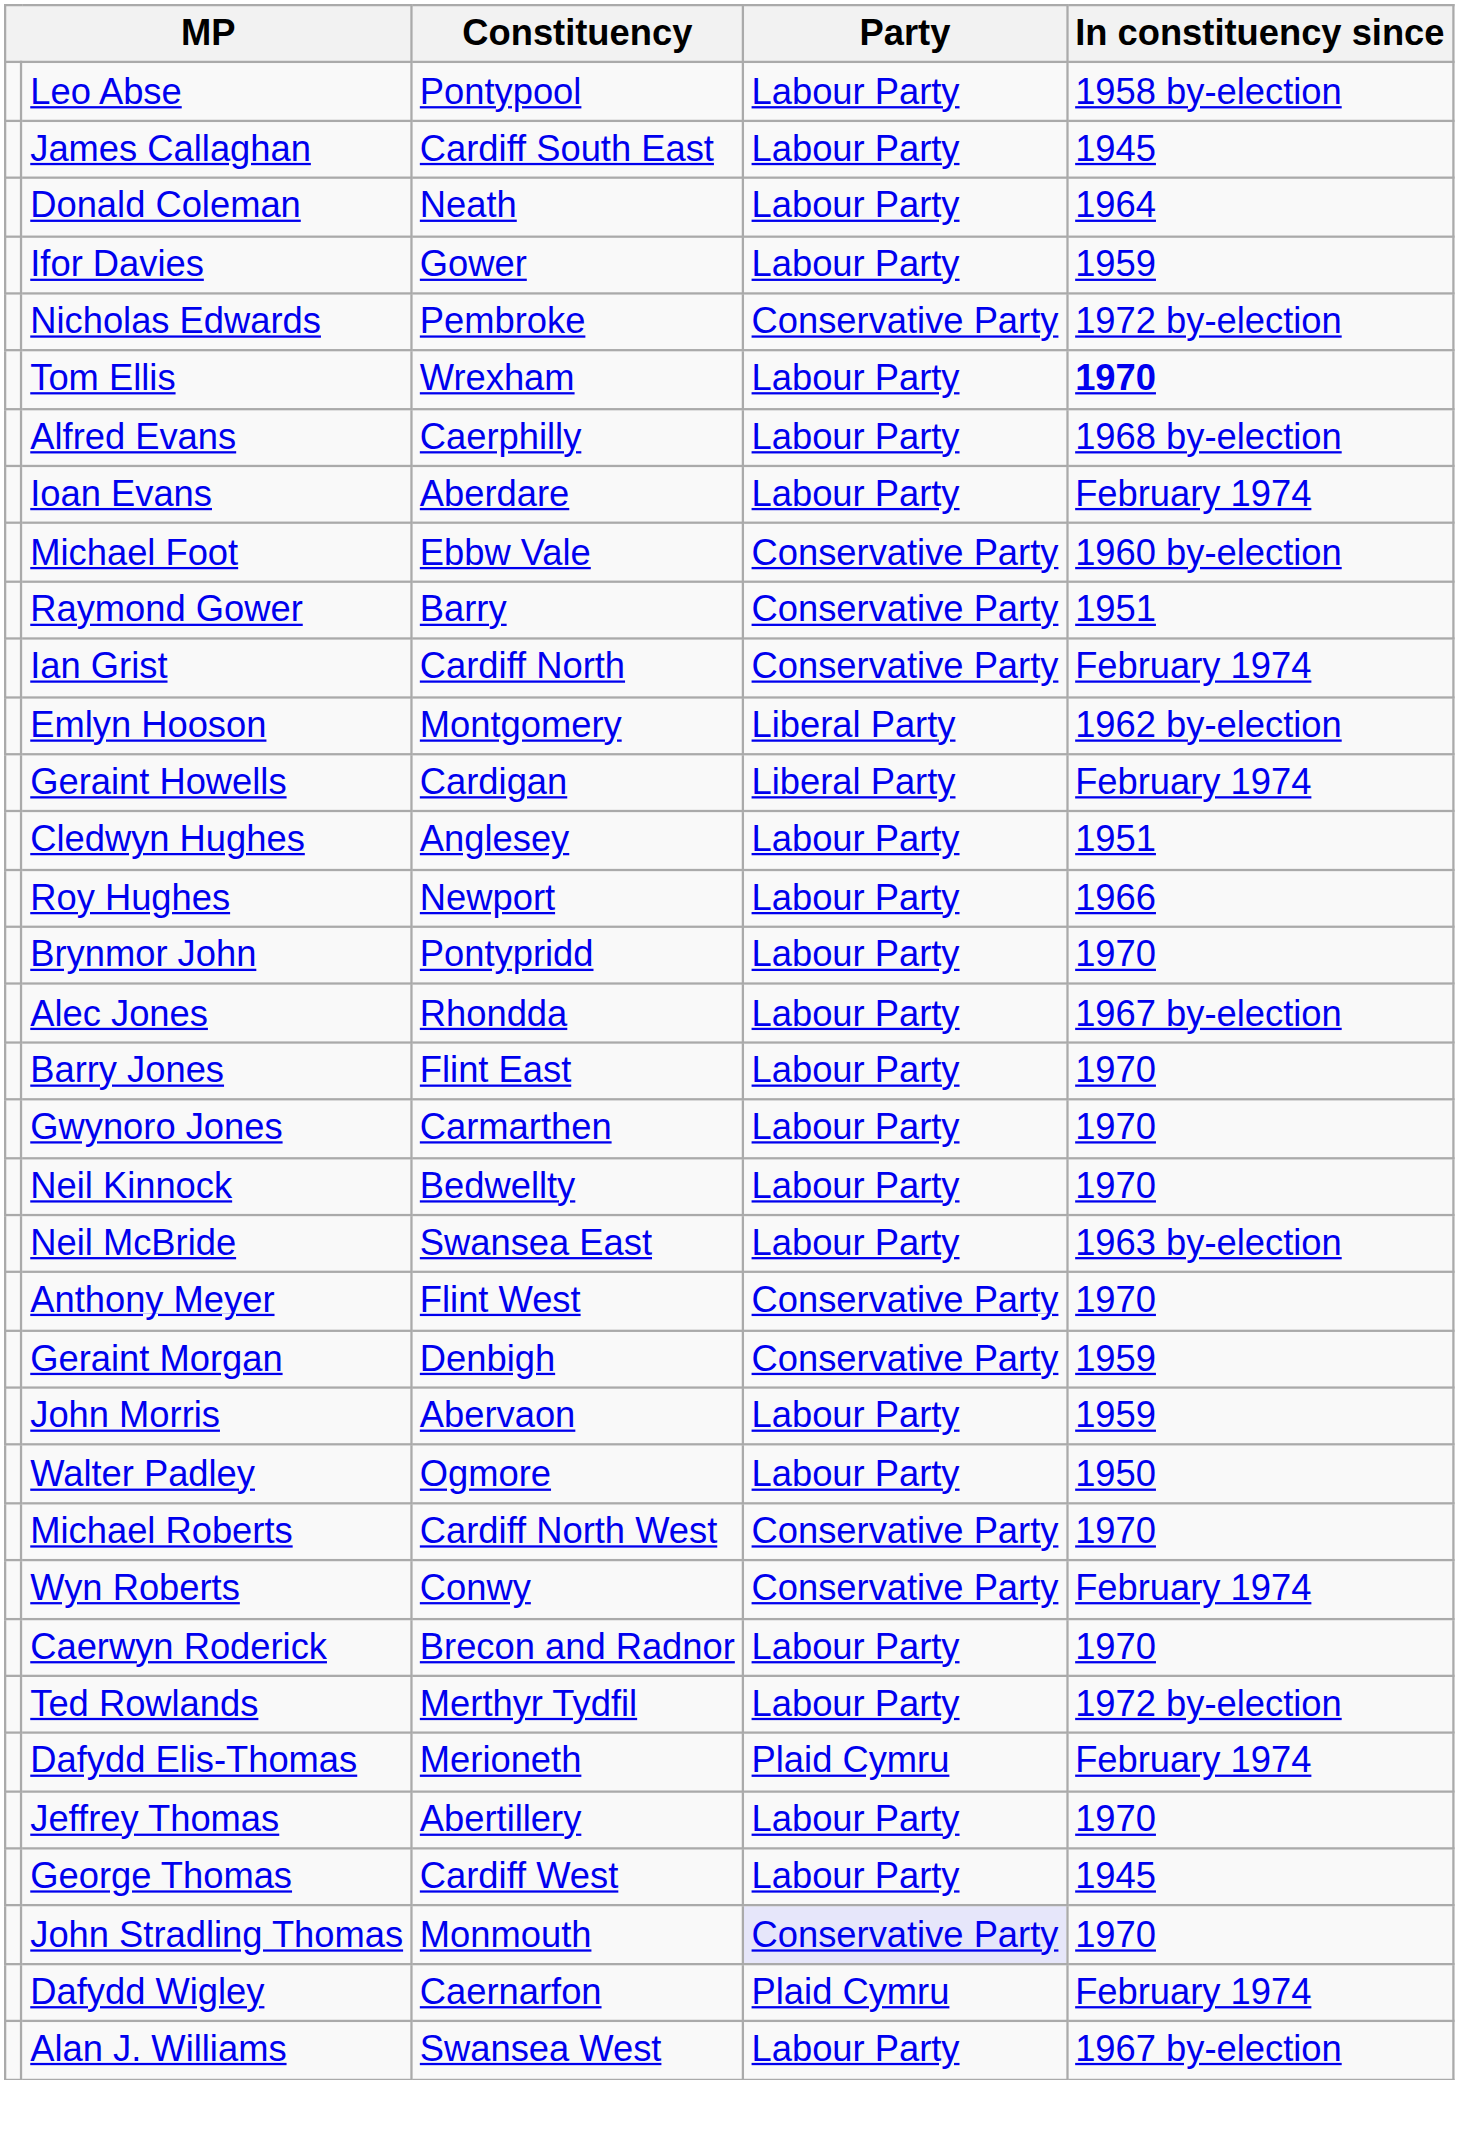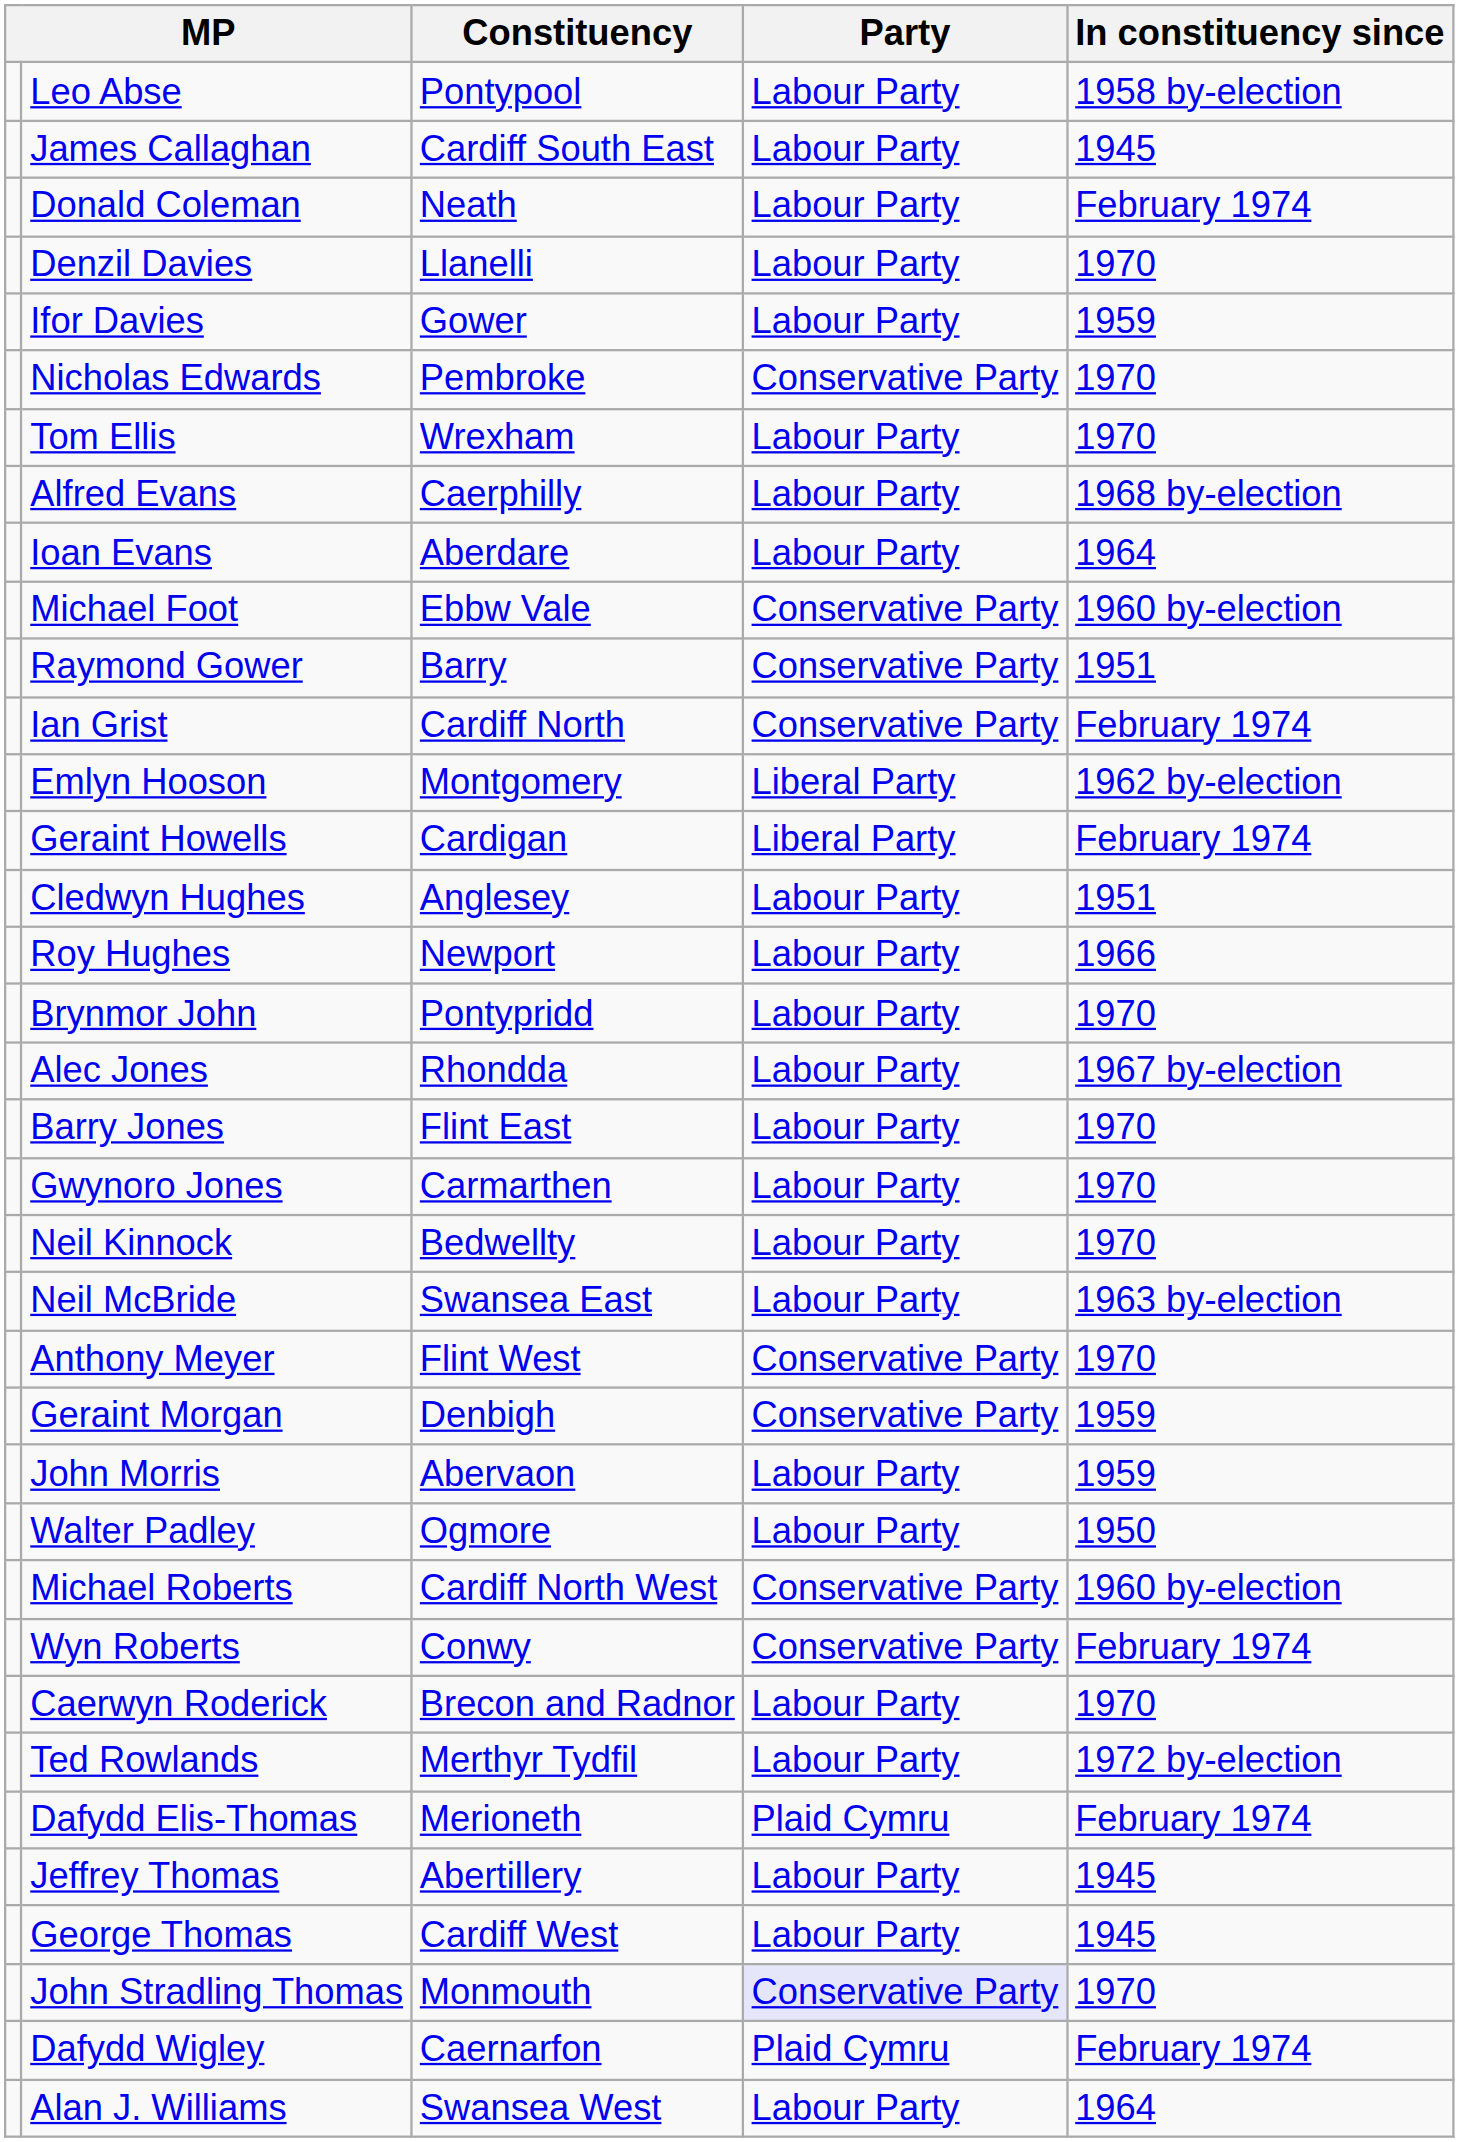 <table class="wikitable sortable">
 <tr>
 <th colspan="2">MP</th>
 <th>Constituency</th>
 <th>Party</th>
 <th>In constituency since</th>
 </tr>
 <tr>
 <td style="color:inherit;background-color: "></td>
 <td><a href='#'>Leo Abse</a></td>
 <td><a href='#'>Pontypool</a></td>
 <td><a href='#'>Labour Party</a></td>
 <td><a href='#'>1958 by-election</a></td>
 </tr>
 <tr>
 <td style="color:inherit;background-color: "></td>
 <td><a href='#'>James Callaghan</a></td>
 <td><a href='#'>Cardiff South East</a></td>
 <td><a href='#'>Labour Party</a></td>
 <td><a href='#'>1945</a></td>
 </tr>
 <tr>
 <td style="color:inherit;background-color: "></td>
 <td><a href='#'>Donald Coleman</a></td>
 <td><a href='#'>Neath</a></td>
 <td><a href='#'>Labour Party</a></td>
-<td><a href='#'>1964</a></td>
+<td><a href='#'>February 1974</a></td>
+</tr>
+<tr>
+<td style="color:inherit;background-color: "></td>
+<td><a href='#'>Denzil Davies</a></td>
+<td><a href='#'>Llanelli</a></td>
+<td><a href='#'>Labour Party</a></td>
+<td><a href='#'>1970</a></td>
 </tr>
 <tr>
 <td style="color:inherit;background-color: "></td>
 <td><a href='#'>Ifor Davies</a></td>
 <td><a href='#'>Gower</a></td>
 <td><a href='#'>Labour Party</a></td>
 <td><a href='#'>1959</a></td>
 </tr>
 <tr>
 <td style="color:inherit;background-color: "></td>
 <td><a href='#'>Nicholas Edwards</a></td>
 <td><a href='#'>Pembroke</a></td>
 <td><a href='#'>Conservative Party</a></td>
-<td><a href='#'>1972 by-election</a></td>
+<td><a href='#'>1970</a></td>
 </tr>
 <tr>
 <td style="color:inherit;background-color: "></td>
 <td><a href='#'>Tom Ellis</a></td>
 <td><a href='#'>Wrexham</a></td>
 <td><a href='#'>Labour Party</a></td>
-<td><strong><a href='#'>1970</a></strong></td>
+<td><a href='#'>1970</a></td>
 </tr>
 <tr>
 <td style="color:inherit;background-color: "></td>
 <td><a href='#'>Alfred Evans</a></td>
 <td><a href='#'>Caerphilly</a></td>
 <td><a href='#'>Labour Party</a></td>
 <td><a href='#'>1968 by-election</a></td>
 </tr>
 <tr>
 <td style="color:inherit;background-color: "></td>
 <td><a href='#'>Ioan Evans</a></td>
 <td><a href='#'>Aberdare</a></td>
 <td><a href='#'>Labour Party</a></td>
-<td><a href='#'>February 1974</a></td>
+<td><a href='#'>1964</a></td>
 </tr>
 <tr>
 <td style="color:inherit;background-color: "></td>
 <td><a href='#'>Michael Foot</a></td>
 <td><a href='#'>Ebbw Vale</a></td>
 <td><a href='#'>Conservative Party</a></td>
 <td><a href='#'>1960 by-election</a></td>
 </tr>
 <tr>
 <td style="color:inherit;background-color: "></td>
 <td><a href='#'>Raymond Gower</a></td>
 <td><a href='#'>Barry</a></td>
 <td><a href='#'>Conservative Party</a></td>
 <td><a href='#'>1951</a></td>
 </tr>
 <tr>
 <td style="color:inherit;background-color: "></td>
 <td><a href='#'>Ian Grist</a></td>
 <td><a href='#'>Cardiff North</a></td>
 <td><a href='#'>Conservative Party</a></td>
 <td><a href='#'>February 1974</a></td>
 </tr>
 <tr>
 <td style="color:inherit;background-color: "></td>
 <td><a href='#'>Emlyn Hooson</a></td>
 <td><a href='#'>Montgomery</a></td>
 <td><a href='#'>Liberal Party</a></td>
 <td><a href='#'>1962 by-election</a></td>
 </tr>
 <tr>
 <td style="color:inherit;background-color: "></td>
 <td><a href='#'>Geraint Howells</a></td>
 <td><a href='#'>Cardigan</a></td>
 <td><a href='#'>Liberal Party</a></td>
 <td><a href='#'>February 1974</a></td>
 </tr>
 <tr>
 <td style="color:inherit;background-color: "></td>
 <td><a href='#'>Cledwyn Hughes</a></td>
 <td><a href='#'>Anglesey</a></td>
 <td><a href='#'>Labour Party</a></td>
 <td><a href='#'>1951</a></td>
 </tr>
 <tr>
 <td style="color:inherit;background-color: "></td>
 <td><a href='#'>Roy Hughes</a></td>
 <td><a href='#'>Newport</a></td>
 <td><a href='#'>Labour Party</a></td>
 <td><a href='#'>1966</a></td>
 </tr>
 <tr>
 <td style="color:inherit;background-color: "></td>
 <td><a href='#'>Brynmor John</a></td>
 <td><a href='#'>Pontypridd</a></td>
 <td><a href='#'>Labour Party</a></td>
 <td><a href='#'>1970</a></td>
 </tr>
 <tr>
 <td style="color:inherit;background-color: "></td>
 <td><a href='#'>Alec Jones</a></td>
 <td><a href='#'>Rhondda</a></td>
 <td><a href='#'>Labour Party</a></td>
 <td><a href='#'>1967 by-election</a></td>
 </tr>
 <tr>
 <td style="color:inherit;background-color: "></td>
 <td><a href='#'>Barry Jones</a></td>
 <td><a href='#'>Flint East</a></td>
 <td><a href='#'>Labour Party</a></td>
 <td><a href='#'>1970</a></td>
 </tr>
 <tr>
 <td style="color:inherit;background-color: "></td>
 <td><a href='#'>Gwynoro Jones</a></td>
 <td><a href='#'>Carmarthen</a></td>
 <td><a href='#'>Labour Party</a></td>
 <td><a href='#'>1970</a></td>
 </tr>
 <tr>
 <td style="color:inherit;background-color: "></td>
 <td><a href='#'>Neil Kinnock</a></td>
 <td><a href='#'>Bedwellty</a></td>
 <td><a href='#'>Labour Party</a></td>
 <td><a href='#'>1970</a></td>
 </tr>
 <tr>
 <td style="color:inherit;background-color: "></td>
 <td><a href='#'>Neil McBride</a></td>
 <td><a href='#'>Swansea East</a></td>
 <td><a href='#'>Labour Party</a></td>
 <td><a href='#'>1963 by-election</a></td>
 </tr>
 <tr>
 <td style="color:inherit;background-color: "></td>
 <td><a href='#'>Anthony Meyer</a></td>
 <td><a href='#'>Flint West</a></td>
 <td><a href='#'>Conservative Party</a></td>
 <td><a href='#'>1970</a></td>
 </tr>
 <tr>
 <td style="color:inherit;background-color: "></td>
 <td><a href='#'>Geraint Morgan</a></td>
 <td><a href='#'>Denbigh</a></td>
 <td><a href='#'>Conservative Party</a></td>
 <td><a href='#'>1959</a></td>
 </tr>
 <tr>
 <td style="color:inherit;background-color: "></td>
 <td><a href='#'>John Morris</a></td>
 <td><a href='#'>Abervaon</a></td>
 <td><a href='#'>Labour Party</a></td>
 <td><a href='#'>1959</a></td>
 </tr>
 <tr>
 <td style="color:inherit;background-color: "></td>
 <td><a href='#'>Walter Padley</a></td>
 <td><a href='#'>Ogmore</a></td>
 <td><a href='#'>Labour Party</a></td>
 <td><a href='#'>1950</a></td>
 </tr>
 <tr>
 <td style="color:inherit;background-color: "></td>
 <td><a href='#'>Michael Roberts</a></td>
 <td><a href='#'>Cardiff North West</a></td>
 <td><a href='#'>Conservative Party</a></td>
-<td><a href='#'>1970</a></td>
+<td><a href='#'>1960 by-election</a></td>
 </tr>
 <tr>
 <td style="color:inherit;background-color: "></td>
 <td><a href='#'>Wyn Roberts</a></td>
 <td><a href='#'>Conwy</a></td>
 <td><a href='#'>Conservative Party</a></td>
 <td><a href='#'>February 1974</a></td>
 </tr>
 <tr>
 <td style="color:inherit;background-color: "></td>
 <td><a href='#'>Caerwyn Roderick</a></td>
 <td><a href='#'>Brecon and Radnor</a></td>
 <td><a href='#'>Labour Party</a></td>
 <td><a href='#'>1970</a></td>
 </tr>
 <tr>
 <td style="color:inherit;background-color: "></td>
 <td><a href='#'>Ted Rowlands</a></td>
 <td><a href='#'>Merthyr Tydfil</a></td>
 <td><a href='#'>Labour Party</a></td>
 <td><a href='#'>1972 by-election</a></td>
 </tr>
 <tr>
 <td style="color:inherit;background-color: "></td>
 <td><a href='#'>Dafydd Elis-Thomas</a></td>
 <td><a href='#'>Merioneth</a></td>
 <td><a href='#'>Plaid Cymru</a></td>
 <td><a href='#'>February 1974</a></td>
 </tr>
 <tr>
 <td style="color:inherit;background-color: "></td>
 <td><a href='#'>Jeffrey Thomas</a></td>
 <td><a href='#'>Abertillery</a></td>
 <td><a href='#'>Labour Party</a></td>
-<td><a href='#'>1970</a></td>
+<td><a href='#'>1945</a></td>
 </tr>
 <tr>
 <td style="color:inherit;background-color: "></td>
 <td><a href='#'>George Thomas</a></td>
 <td><a href='#'>Cardiff West</a></td>
 <td><a href='#'>Labour Party</a></td>
 <td><a href='#'>1945</a></td>
 </tr>
 <tr>
 <td style="color:inherit;background-color: "></td>
 <td><a href='#'>John Stradling Thomas</a></td>
 <td><a href='#'>Monmouth</a></td>
 <td style="background: lavender;"><a href='#'>Conservative Party</a></td>
 <td><a href='#'>1970</a></td>
 </tr>
 <tr>
 <td style="color:inherit;background-color: "></td>
 <td><a href='#'>Dafydd Wigley</a></td>
 <td><a href='#'>Caernarfon</a></td>
 <td><a href='#'>Plaid Cymru</a></td>
 <td><a href='#'>February 1974</a></td>
 </tr>
 <tr>
 <td style="color:inherit;background-color: "></td>
 <td><a href='#'>Alan J. Williams</a></td>
 <td><a href='#'>Swansea West</a></td>
 <td><a href='#'>Labour Party</a></td>
-<td><a href='#'>1967 by-election</a></td>
+<td><a href='#'>1964</a></td>
 </tr>
 </table>
